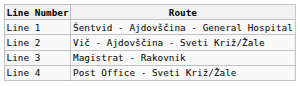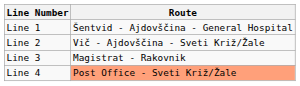 <table class="wikitable">
 <tr>
 <th>Line Number</th>
 <th>Route</th>
 </tr>
 <tr>
 <td>Line 1</td>
 <td>Šentvid - Ajdovščina - General Hospital</td>
 </tr>
 <tr>
 <td>Line 2</td>
 <td>Vič - Ajdovščina - Sveti Križ/Žale</td>
 </tr>
 <tr>
 <td>Line 3</td>
 <td>Magistrat - Rakovnik</td>
 </tr>
 <tr>
 <td>Line 4</td>
-<td>Post Office - Sveti Križ/Žale</td>
+<td style="background: lightsalmon;">Post Office - Sveti Križ/Žale</td>
 </tr>
 </table>
